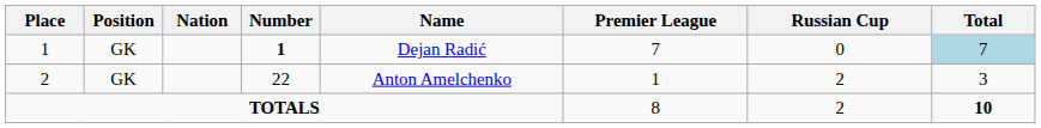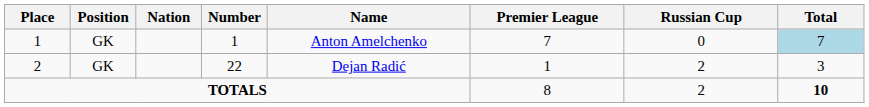 <table class="wikitable" style="font-size: 95%; text-align: center;">
 <tr>
 <th width=60>Place</th>
 <th width=60>Position</th>
 <th width=60>Nation</th>
 <th width=60>Number</th>
 <th width=200>Name</th>
 <th width=150>Premier League</th>
 <th width=150>Russian Cup</th>
 <th width=80>Total</th>
 </tr>
 <tr>
 <td>1</td>
 <td>GK</td>
 <td></td>
-<td><strong>1</strong></td>
-<td><a href='#'>Dejan Radić</a></td>
+<td>1</td>
+<td><a href='#'>Anton Amelchenko</a></td>
 <td>7</td>
 <td>0</td>
 <td style="background: lightblue;">7</td>
 </tr>
 <tr>
 <td>2</td>
 <td>GK</td>
 <td></td>
 <td>22</td>
-<td><a href='#'>Anton Amelchenko</a></td>
+<td><a href='#'>Dejan Radić</a></td>
 <td>1</td>
 <td>2</td>
 <td>3</td>
 </tr>
 <tr>
 <td colspan="5"><strong>TOTALS</strong></td>
 <td>8</td>
 <td>2</td>
 <td><strong>10</strong></td>
 </tr>
 </table>
